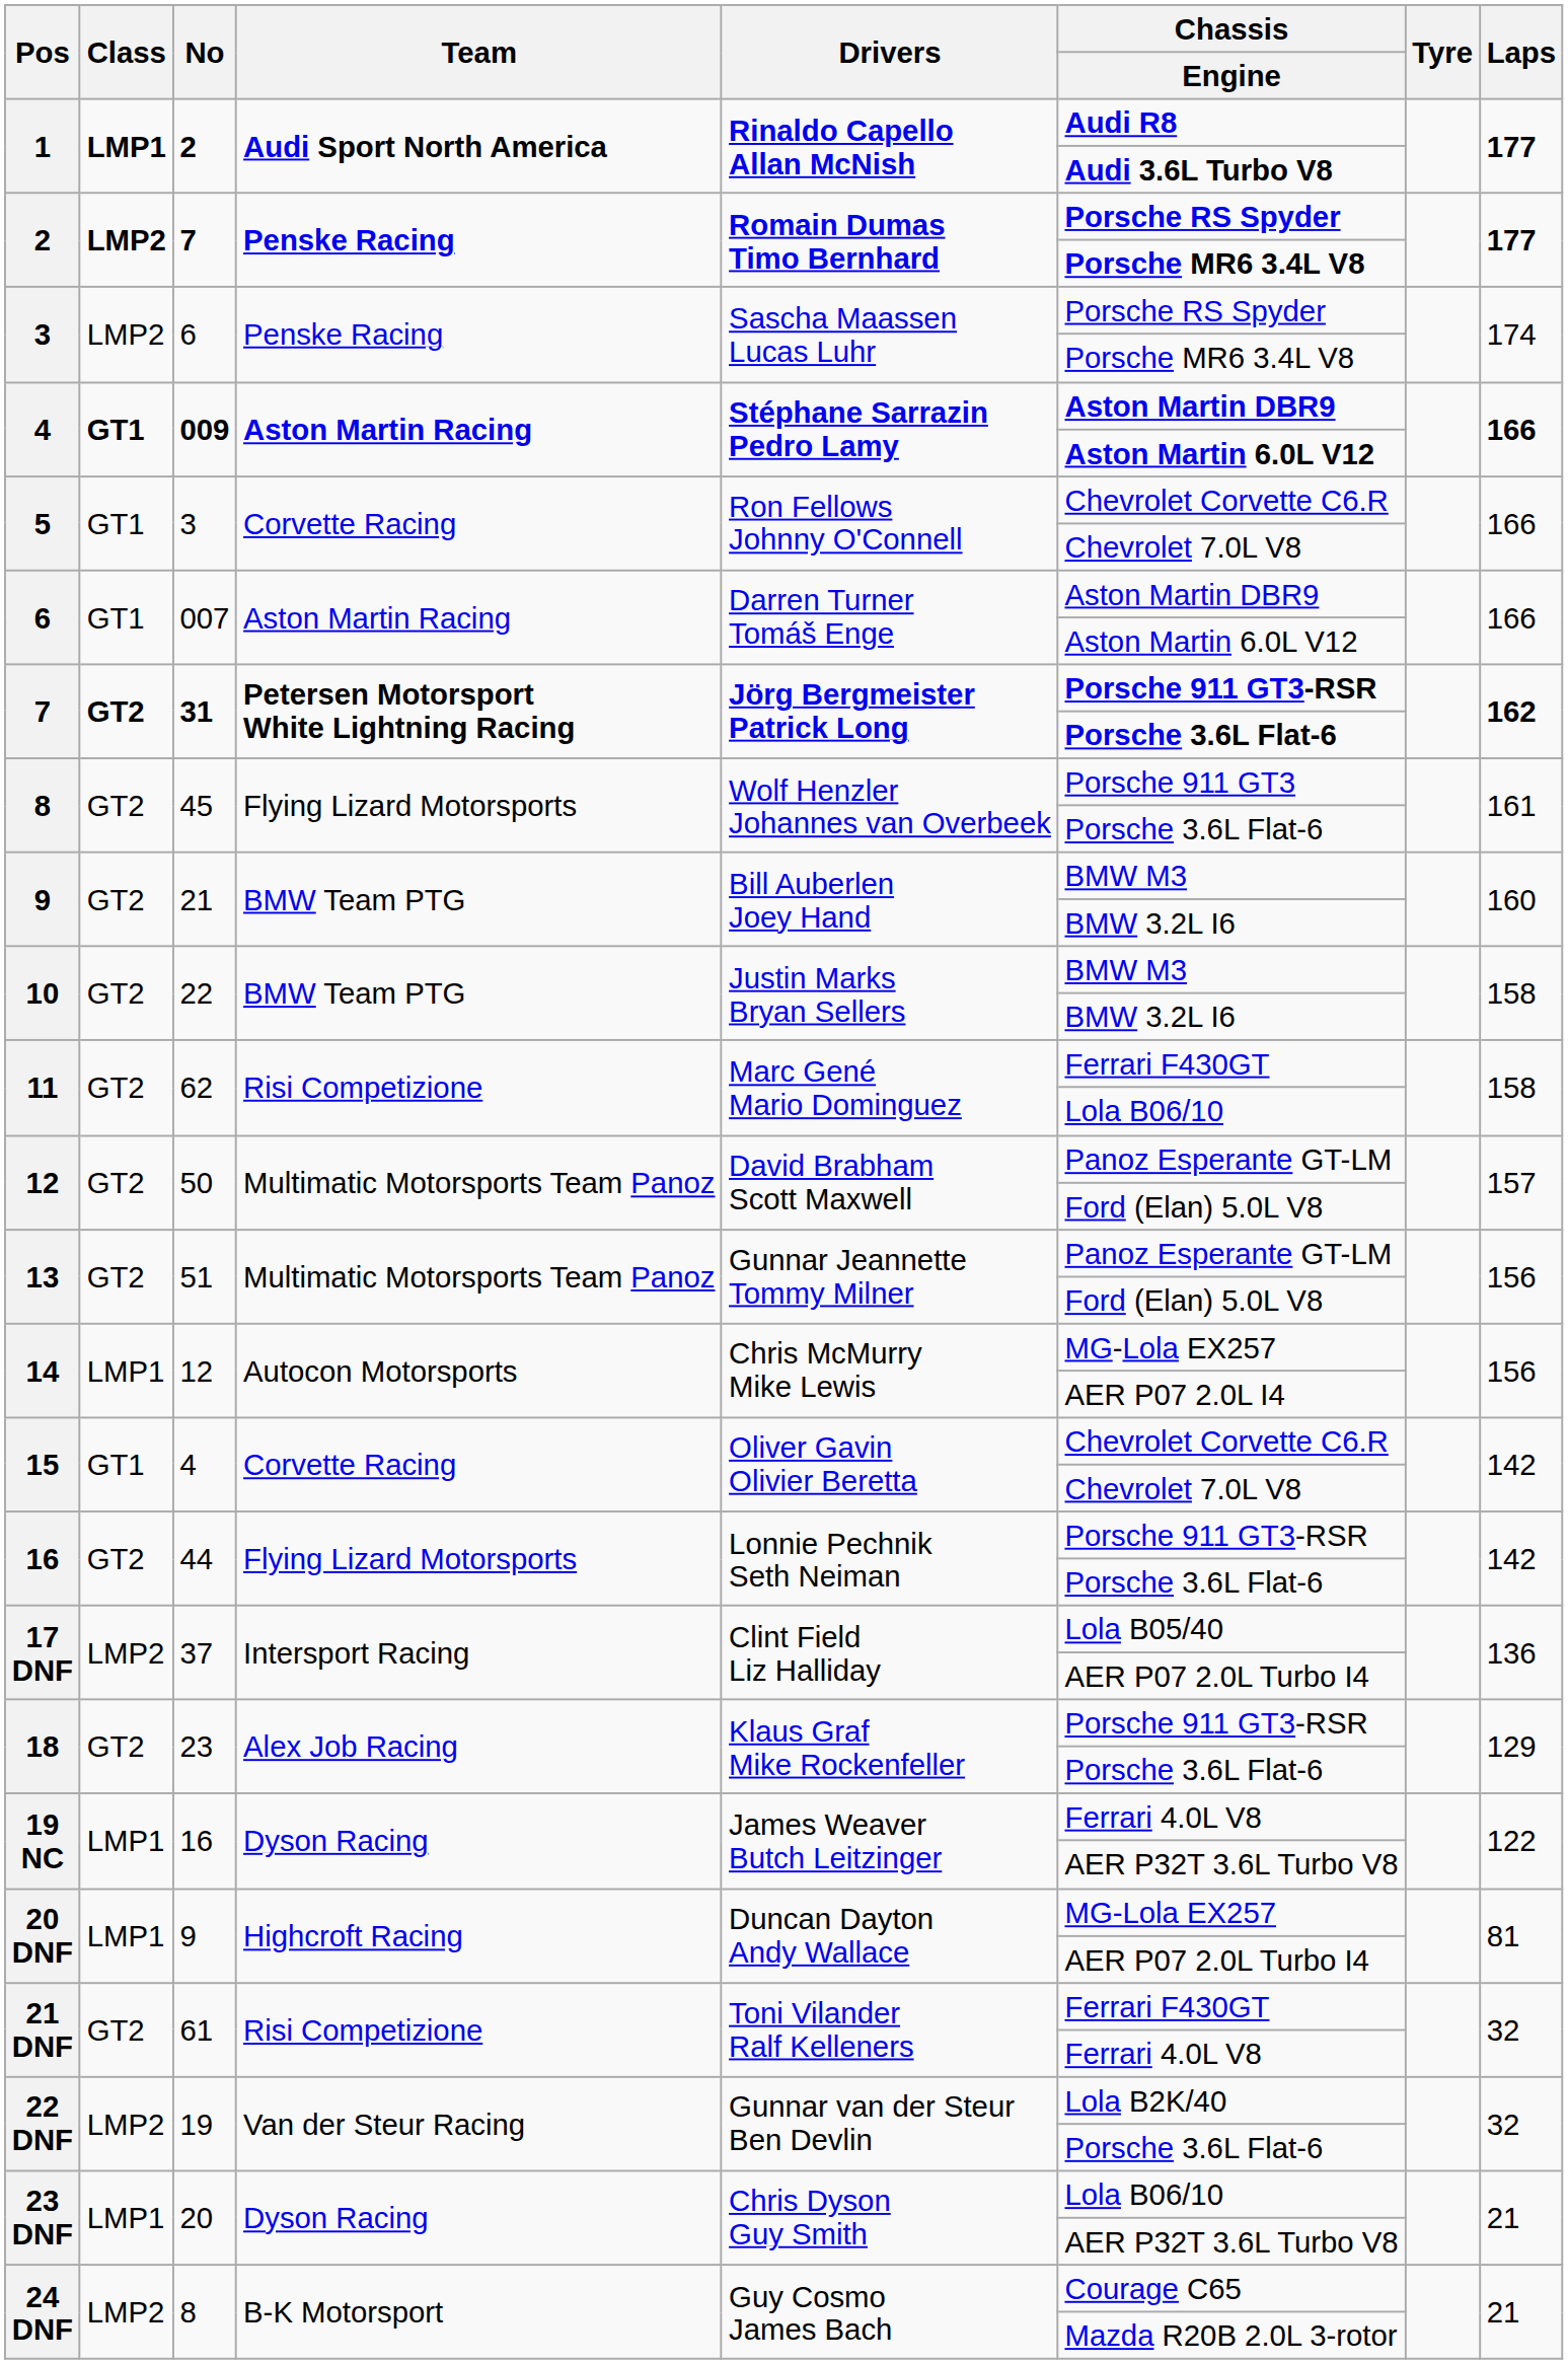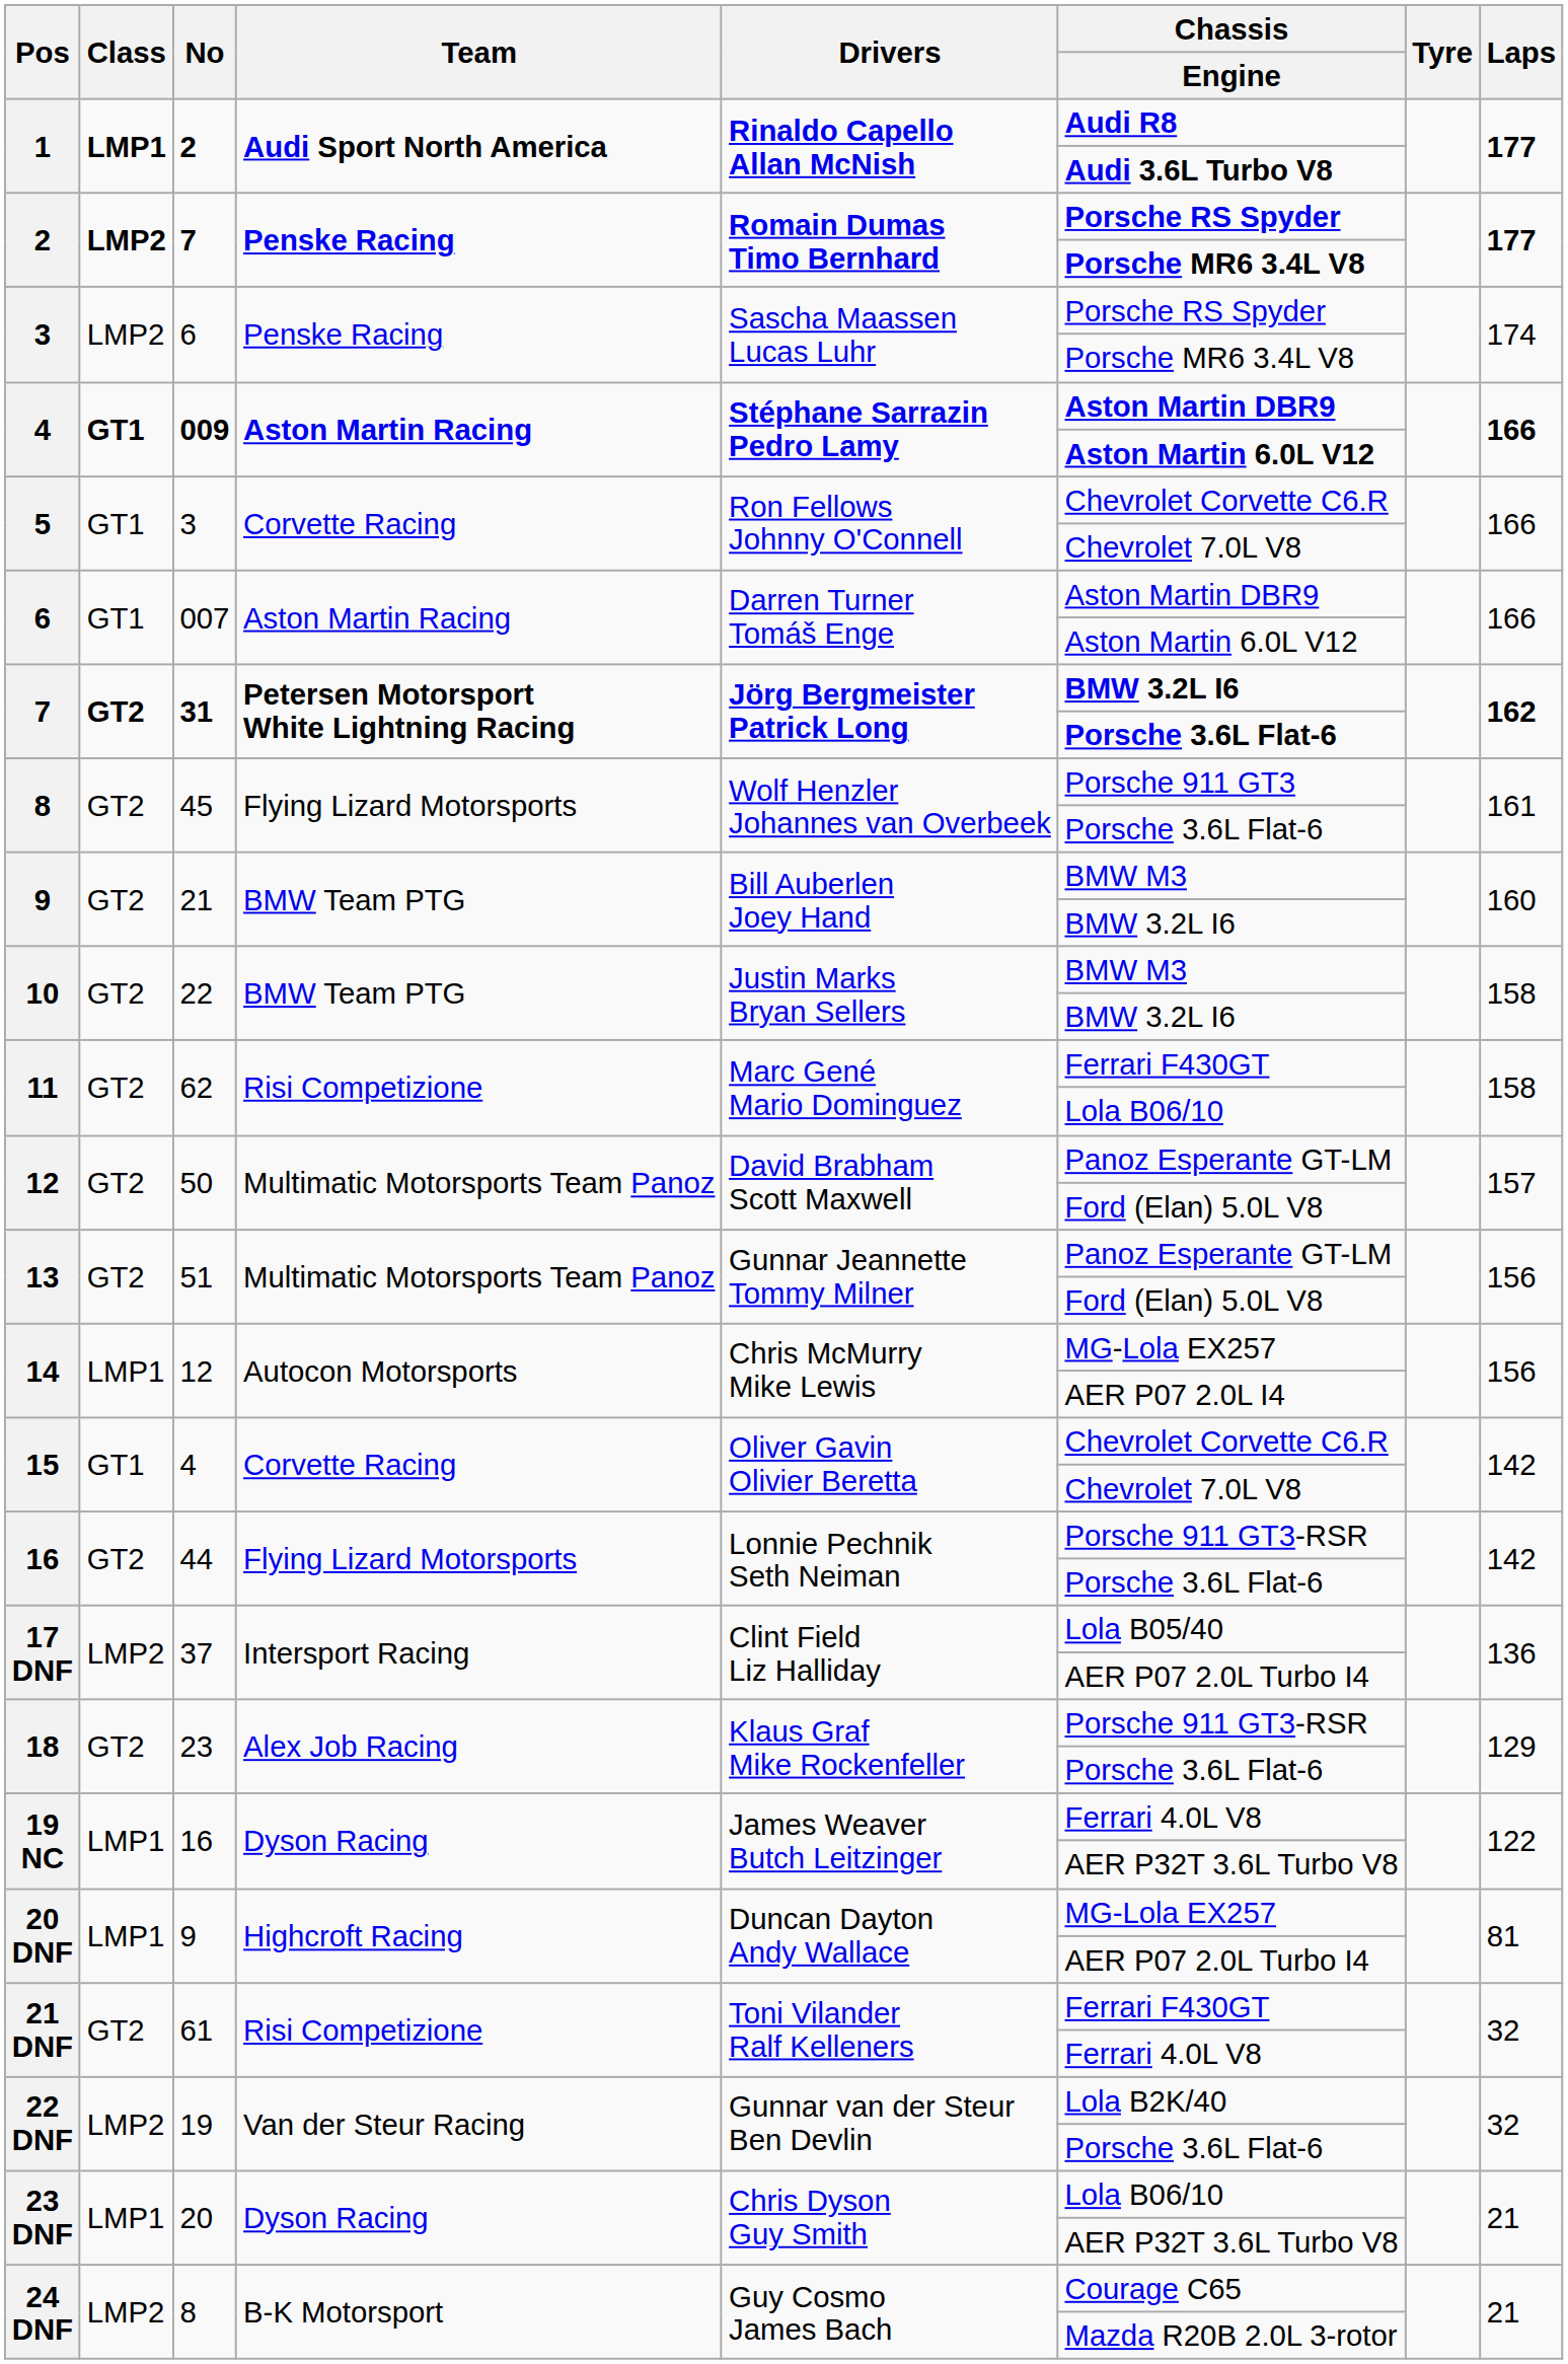 <table class="wikitable" style="font-size: 95%;">
 <tr>
 <th rowspan=2>Pos</th>
 <th rowspan=2>Class</th>
 <th rowspan=2>No</th>
 <th rowspan=2>Team</th>
 <th rowspan=2>Drivers</th>
 <th>Chassis</th>
 <th rowspan=2>Tyre</th>
 <th rowspan=2>Laps</th>
 </tr>
 <tr>
 <th>Engine</th>
 </tr>
 <tr style="font-weight:bold">
 <th rowspan=2>1</th>
 <td rowspan=2>LMP1</td>
 <td rowspan=2>2</td>
 <td rowspan=2> <a href='#'>Audi</a> Sport North America</td>
 <td rowspan=2> <a href='#'>Rinaldo Capello</a><br> <a href='#'>Allan McNish</a></td>
 <td><a href='#'>Audi R8</a></td>
 <td rowspan=2></td>
 <td rowspan=2>177</td>
 </tr>
 <tr style="font-weight:bold">
 <td><a href='#'>Audi</a> 3.6L Turbo V8</td>
 </tr>
 <tr style="font-weight:bold">
 <th rowspan=2>2</th>
 <td rowspan=2>LMP2</td>
 <td rowspan=2>7</td>
 <td rowspan=2> <a href='#'>Penske Racing</a></td>
 <td rowspan=2> <a href='#'>Romain Dumas</a><br> <a href='#'>Timo Bernhard</a></td>
 <td><a href='#'>Porsche RS Spyder</a></td>
 <td rowspan=2></td>
 <td rowspan=2>177</td>
 </tr>
 <tr style="font-weight:bold">
 <td><a href='#'>Porsche</a> MR6 3.4L V8</td>
 </tr>
 <tr>
 <th rowspan=2>3</th>
 <td rowspan=2>LMP2</td>
 <td rowspan=2>6</td>
 <td rowspan=2> <a href='#'>Penske Racing</a></td>
 <td rowspan=2> <a href='#'>Sascha Maassen</a><br> <a href='#'>Lucas Luhr</a></td>
 <td><a href='#'>Porsche RS Spyder</a></td>
 <td rowspan=2></td>
 <td rowspan=2>174</td>
 </tr>
 <tr>
 <td><a href='#'>Porsche</a> MR6 3.4L V8</td>
 </tr>
 <tr style="font-weight:bold">
 <th rowspan=2>4</th>
 <td rowspan=2>GT1</td>
 <td rowspan=2>009</td>
 <td rowspan=2> <a href='#'>Aston Martin Racing</a></td>
 <td rowspan=2> <a href='#'>Stéphane Sarrazin</a><br> <a href='#'>Pedro Lamy</a></td>
 <td><a href='#'>Aston Martin DBR9</a></td>
 <td rowspan=2></td>
 <td rowspan=2>166</td>
 </tr>
 <tr style="font-weight:bold">
 <td><a href='#'>Aston Martin</a> 6.0L V12</td>
 </tr>
 <tr>
 <th rowspan=2>5</th>
 <td rowspan=2>GT1</td>
 <td rowspan=2>3</td>
 <td rowspan=2> <a href='#'>Corvette Racing</a></td>
 <td rowspan=2> <a href='#'>Ron Fellows</a><br> <a href='#'>Johnny O'Connell</a></td>
 <td><a href='#'>Chevrolet Corvette C6.R</a></td>
 <td rowspan=2></td>
 <td rowspan=2>166</td>
 </tr>
 <tr>
 <td><a href='#'>Chevrolet</a> 7.0L V8</td>
 </tr>
 <tr>
 <th rowspan=2>6</th>
 <td rowspan=2>GT1</td>
 <td rowspan=2>007</td>
 <td rowspan=2> <a href='#'>Aston Martin Racing</a></td>
 <td rowspan=2> <a href='#'>Darren Turner</a><br> <a href='#'>Tomáš Enge</a></td>
 <td><a href='#'>Aston Martin DBR9</a></td>
 <td rowspan=2></td>
 <td rowspan=2>166</td>
 </tr>
 <tr>
 <td><a href='#'>Aston Martin</a> 6.0L V12</td>
 </tr>
 <tr style="font-weight:bold">
 <th rowspan=2>7</th>
 <td rowspan=2>GT2</td>
 <td rowspan=2>31</td>
 <td rowspan=2> Petersen Motorsport<br> White Lightning Racing</td>
 <td rowspan=2> <a href='#'>Jörg Bergmeister</a><br> <a href='#'>Patrick Long</a></td>
-<td><a href='#'>Porsche 911 GT3</a>-RSR</td>
+<td><a href='#'>BMW</a> 3.2L I6</td>
 <td rowspan=2></td>
 <td rowspan=2>162</td>
 </tr>
 <tr style="font-weight:bold">
 <td><a href='#'>Porsche</a> 3.6L Flat-6</td>
 </tr>
 <tr>
 <th rowspan=2>8</th>
 <td rowspan=2>GT2</td>
 <td rowspan=2>45</td>
 <td rowspan=2> Flying Lizard Motorsports</td>
 <td rowspan=2> <a href='#'>Wolf Henzler</a><br> <a href='#'>Johannes van Overbeek</a></td>
 <td><a href='#'>Porsche 911 GT3</a></td>
 <td rowspan=2></td>
 <td rowspan=2>161</td>
 </tr>
 <tr>
 <td><a href='#'>Porsche</a> 3.6L Flat-6</td>
 </tr>
 <tr>
 <th rowspan=2>9</th>
 <td rowspan=2>GT2</td>
 <td rowspan=2>21</td>
 <td rowspan=2> <a href='#'>BMW</a> Team PTG</td>
 <td rowspan=2> <a href='#'>Bill Auberlen</a><br> <a href='#'>Joey Hand</a></td>
 <td><a href='#'>BMW M3</a></td>
 <td rowspan=2></td>
 <td rowspan=2>160</td>
 </tr>
 <tr>
 <td><a href='#'>BMW</a> 3.2L I6</td>
 </tr>
 <tr>
 <th rowspan=2>10</th>
 <td rowspan=2>GT2</td>
 <td rowspan=2>22</td>
 <td rowspan=2> <a href='#'>BMW</a> Team PTG</td>
 <td rowspan=2> <a href='#'>Justin Marks</a><br> <a href='#'>Bryan Sellers</a></td>
 <td><a href='#'>BMW M3</a></td>
 <td rowspan=2></td>
 <td rowspan=2>158</td>
 </tr>
 <tr>
 <td><a href='#'>BMW</a> 3.2L I6</td>
 </tr>
 <tr>
 <th rowspan=2>11</th>
 <td rowspan=2>GT2</td>
 <td rowspan=2>62</td>
 <td rowspan=2> <a href='#'>Risi Competizione</a></td>
 <td rowspan=2> <a href='#'>Marc Gené</a><br> <a href='#'>Mario Dominguez</a></td>
 <td><a href='#'>Ferrari F430GT</a></td>
 <td rowspan=2></td>
 <td rowspan=2>158</td>
 </tr>
 <tr>
 <td><a href='#'>Lola B06/10</a></td>
 </tr>
 <tr>
 <th rowspan=2>12</th>
 <td rowspan=2>GT2</td>
 <td rowspan=2>50</td>
 <td rowspan=2> Multimatic Motorsports Team <a href='#'>Panoz</a></td>
 <td rowspan=2> <a href='#'>David Brabham</a><br> Scott Maxwell</td>
 <td><a href='#'>Panoz Esperante</a> GT-LM</td>
 <td rowspan=2></td>
 <td rowspan=2>157</td>
 </tr>
 <tr>
 <td><a href='#'>Ford</a> (Elan) 5.0L V8</td>
 </tr>
 <tr>
 <th rowspan=2>13</th>
 <td rowspan=2>GT2</td>
 <td rowspan=2>51</td>
 <td rowspan=2> Multimatic Motorsports Team <a href='#'>Panoz</a></td>
 <td rowspan=2> Gunnar Jeannette<br> <a href='#'>Tommy Milner</a></td>
 <td><a href='#'>Panoz Esperante</a> GT-LM</td>
 <td rowspan=2></td>
 <td rowspan=2>156</td>
 </tr>
 <tr>
 <td><a href='#'>Ford</a> (Elan) 5.0L V8</td>
 </tr>
 <tr>
 <th rowspan=2>14</th>
 <td rowspan=2>LMP1</td>
 <td rowspan=2>12</td>
 <td rowspan=2> Autocon Motorsports</td>
 <td rowspan=2> Chris McMurry<br> Mike Lewis</td>
 <td><a href='#'>MG</a>-<a href='#'>Lola</a> EX257</td>
 <td rowspan=2></td>
 <td rowspan=2>156</td>
 </tr>
 <tr>
 <td>AER P07 2.0L I4</td>
 </tr>
 <tr>
 <th rowspan=2>15</th>
 <td rowspan=2>GT1</td>
 <td rowspan=2>4</td>
 <td rowspan=2> <a href='#'>Corvette Racing</a></td>
 <td rowspan=2> <a href='#'>Oliver Gavin</a><br> <a href='#'>Olivier Beretta</a></td>
 <td><a href='#'>Chevrolet Corvette C6.R</a></td>
 <td rowspan=2></td>
 <td rowspan=2>142</td>
 </tr>
 <tr>
 <td><a href='#'>Chevrolet</a> 7.0L V8</td>
 </tr>
 <tr>
 <th rowspan=2>16</th>
 <td rowspan=2>GT2</td>
 <td rowspan=2>44</td>
 <td rowspan=2> <a href='#'>Flying Lizard Motorsports</a></td>
 <td rowspan=2> Lonnie Pechnik<br> Seth Neiman</td>
 <td><a href='#'>Porsche 911 GT3</a>-RSR</td>
 <td rowspan=2></td>
 <td rowspan=2>142</td>
 </tr>
 <tr>
 <td><a href='#'>Porsche</a> 3.6L Flat-6</td>
 </tr>
 <tr>
 <th rowspan=2>17<br>DNF</th>
 <td rowspan=2>LMP2</td>
 <td rowspan=2>37</td>
 <td rowspan=2> Intersport Racing</td>
 <td rowspan=2> Clint Field<br> Liz Halliday</td>
 <td><a href='#'>Lola</a> B05/40</td>
 <td rowspan=2></td>
 <td rowspan=2>136</td>
 </tr>
 <tr>
 <td>AER P07 2.0L Turbo I4</td>
 </tr>
 <tr>
 <th rowspan=2>18</th>
 <td rowspan=2>GT2</td>
 <td rowspan=2>23</td>
 <td rowspan=2> <a href='#'>Alex Job Racing</a></td>
 <td rowspan=2> <a href='#'>Klaus Graf</a><br> <a href='#'>Mike Rockenfeller</a></td>
 <td><a href='#'>Porsche 911 GT3</a>-RSR</td>
 <td rowspan=2></td>
 <td rowspan=2>129</td>
 </tr>
 <tr>
 <td><a href='#'>Porsche</a> 3.6L Flat-6</td>
 </tr>
 <tr>
 <th rowspan=2>19<br>NC</th>
 <td rowspan=2>LMP1</td>
 <td rowspan=2>16</td>
 <td rowspan=2> <a href='#'>Dyson Racing</a></td>
 <td rowspan=2> James Weaver<br> <a href='#'>Butch Leitzinger</a></td>
 <td><a href='#'>Ferrari</a> 4.0L V8</td>
 <td rowspan=2></td>
 <td rowspan=2>122</td>
 </tr>
 <tr>
 <td>AER P32T 3.6L Turbo V8</td>
 </tr>
 <tr>
 <th rowspan=2>20<br>DNF</th>
 <td rowspan=2>LMP1</td>
 <td rowspan=2>9</td>
 <td rowspan=2> <a href='#'>Highcroft Racing</a></td>
 <td rowspan=2> Duncan Dayton<br> <a href='#'>Andy Wallace</a></td>
 <td><a href='#'>MG-Lola EX257</a></td>
 <td rowspan=2></td>
 <td rowspan=2>81</td>
 </tr>
 <tr>
 <td>AER P07 2.0L Turbo I4</td>
 </tr>
 <tr>
 <th rowspan=2>21<br>DNF</th>
 <td rowspan=2>GT2</td>
 <td rowspan=2>61</td>
 <td rowspan=2> <a href='#'>Risi Competizione</a></td>
 <td rowspan=2> <a href='#'>Toni Vilander</a><br> <a href='#'>Ralf Kelleners</a></td>
 <td><a href='#'>Ferrari F430GT</a></td>
 <td rowspan=2></td>
 <td rowspan=2>32</td>
 </tr>
 <tr>
 <td><a href='#'>Ferrari</a> 4.0L V8</td>
 </tr>
 <tr>
 <th rowspan=2>22<br>DNF</th>
 <td rowspan=2>LMP2</td>
 <td rowspan=2>19</td>
 <td rowspan=2> Van der Steur Racing</td>
 <td rowspan=2> Gunnar van der Steur<br> Ben Devlin</td>
 <td><a href='#'>Lola</a> B2K/40</td>
 <td rowspan=2></td>
 <td rowspan=2>32</td>
 </tr>
 <tr>
 <td><a href='#'>Porsche</a> 3.6L Flat-6</td>
 </tr>
 <tr>
 <th rowspan=2>23<br>DNF</th>
 <td rowspan=2>LMP1</td>
 <td rowspan=2>20</td>
 <td rowspan=2> <a href='#'>Dyson Racing</a></td>
 <td rowspan=2> <a href='#'>Chris Dyson</a><br> <a href='#'>Guy Smith</a></td>
 <td><a href='#'>Lola</a> B06/10</td>
 <td rowspan=2></td>
 <td rowspan=2>21</td>
 </tr>
 <tr>
 <td>AER P32T 3.6L Turbo V8</td>
 </tr>
 <tr>
 <th rowspan=2>24<br>DNF</th>
 <td rowspan=2>LMP2</td>
 <td rowspan=2>8</td>
 <td rowspan=2> B-K Motorsport</td>
 <td rowspan=2> Guy Cosmo<br> James Bach</td>
 <td><a href='#'>Courage</a> C65</td>
 <td rowspan=2></td>
 <td rowspan=2>21</td>
 </tr>
 <tr>
 <td><a href='#'>Mazda</a> R20B 2.0L 3-rotor</td>
 </tr>
 </table>
